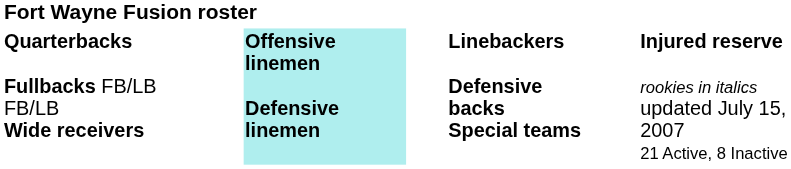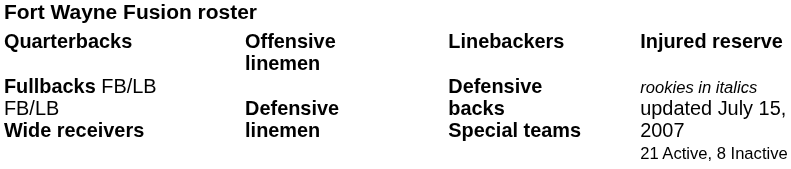 <table class="toccolours" style="text-align: left;">
 <tr>
 <th colspan="7"><strong>Fort Wayne Fusion roster</strong></th>
 </tr>
 <tr>
 <td style="font-size: 95%;vertical-align:top;"><strong>Quarterbacks</strong><br> <br><strong>Fullbacks</strong>  FB/LB  FB/LB<br><strong>Wide receivers</strong>    </td>
 <td style="width: 25px;"></td>
-<td style="background: paleturquoise; font-size: 95%;vertical-align:top;"><strong>Offensive linemen</strong><br>     <br><strong>Defensive linemen</strong>   </td>
+<td style="font-size: 95%;vertical-align:top;"><strong>Offensive linemen</strong><br>     <br><strong>Defensive linemen</strong>   </td>
 <td style="width: 25px;"></td>
 <td style="font-size: 95%;vertical-align:top;"><strong>Linebackers</strong><br>  <br><strong>Defensive backs</strong>    <br><strong>Special teams</strong> </td>
 <td style="width: 25px;"></td>
 <td style="font-size: 95%;vertical-align:top;"><strong>Injured reserve</strong><br>       <br><small><em>rookies in italics</em></small><br>  updated July 15, 2007<br> <small>21 Active, 8 Inactive</small></td>
 </tr>
 </table>
